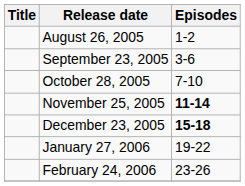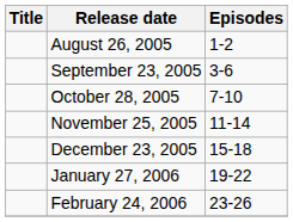 <table class="wikitable">
 <tr>
 <th>Title</th>
 <th>Release date</th>
 <th>Episodes</th>
 </tr>
 <tr>
 <td></td>
 <td>August 26, 2005</td>
 <td>1-2</td>
 </tr>
 <tr>
 <td></td>
 <td>September 23, 2005</td>
 <td>3-6</td>
 </tr>
 <tr>
 <td></td>
 <td>October 28, 2005</td>
 <td>7-10</td>
 </tr>
 <tr>
 <td></td>
 <td>November 25, 2005</td>
-<td><strong>11-14</strong></td>
+<td>11-14</td>
 </tr>
 <tr>
 <td></td>
 <td>December 23, 2005</td>
-<td><strong>15-18</strong></td>
+<td>15-18</td>
 </tr>
 <tr>
 <td></td>
 <td>January 27, 2006</td>
 <td>19-22</td>
 </tr>
 <tr>
 <td></td>
 <td>February 24, 2006</td>
 <td>23-26</td>
 </tr>
 <tr>
 </tr>
 </table>
